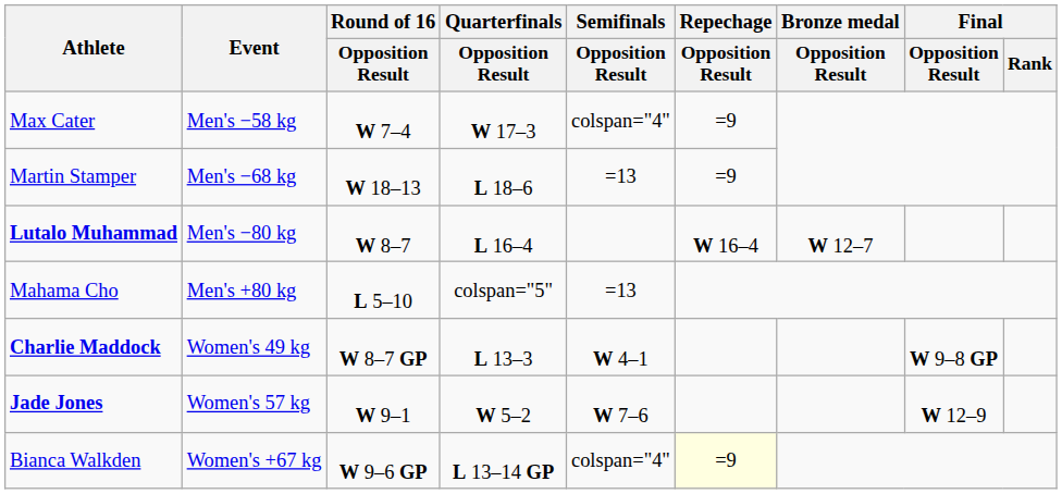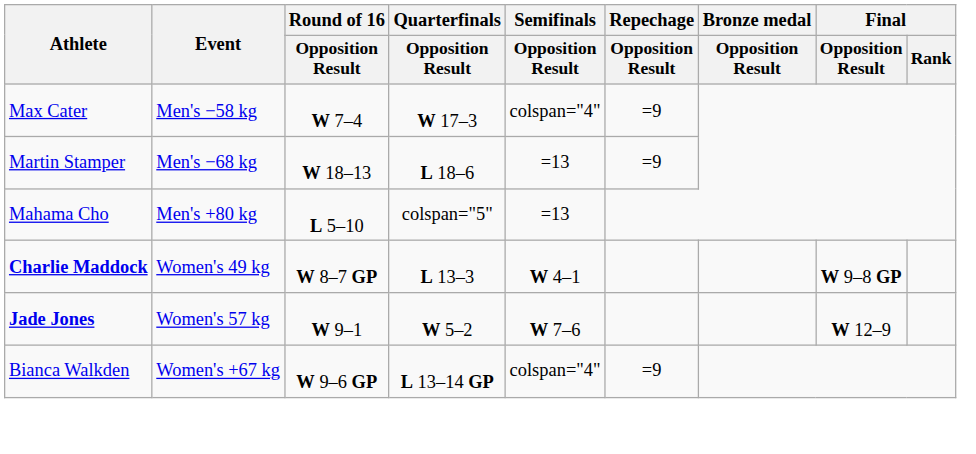 <table class="wikitable" style="font-size:90%;">
 <tr>
 <th rowspan=2>Athlete</th>
 <th rowspan=2>Event</th>
 <th>Round of 16</th>
 <th>Quarterfinals</th>
 <th>Semifinals</th>
 <th>Repechage</th>
 <th>Bronze medal</th>
 <th colspan=2>Final</th>
 </tr>
 <tr style="font-size:95%">
 <th>Opposition<br>Result</th>
 <th>Opposition<br>Result</th>
 <th>Opposition<br>Result</th>
 <th>Opposition<br>Result</th>
 <th>Opposition<br>Result</th>
 <th>Opposition<br>Result</th>
 <th>Rank</th>
 </tr>
 <tr align=center>
 <td align=left><a href='#'>Max Cater</a></td>
 <td align=left><a href='#'>Men's −58 kg</a></td>
 <td><br><strong>W</strong> 7–4</td>
 <td><br><strong>W</strong> 17–3</td>
 <td>colspan="4" </td>
 <td>=9</td>
 </tr>
 <tr align=center>
 <td align=left><a href='#'>Martin Stamper</a></td>
 <td align=left><a href='#'>Men's −68 kg</a></td>
 <td><br><strong>W</strong> 18–13</td>
 <td><br><strong>L</strong> 18–6</td>
 <td>=13</td>
 <td>=9</td>
 </tr>
 <tr align=center>
-<td align=left><strong><a href='#'>Lutalo Muhammad</a></strong></td>
-<td align=left><a href='#'>Men's −80 kg</a></td>
-<td><br><strong>W</strong> 8–7</td>
-<td><br><strong>L</strong> 16–4</td>
-<td></td>
-<td><br><strong>W</strong> 16–4</td>
-<td><br> <strong>W</strong> 12–7</td>
-<td></td>
-<td></td>
-</tr>
-<tr align=center>
 <td align=left><a href='#'>Mahama Cho</a></td>
 <td align=left><a href='#'>Men's +80 kg</a></td>
 <td><br> <strong>L</strong> 5–10</td>
 <td>colspan="5" </td>
 <td>=13</td>
 </tr>
 <tr align=center>
 <td align=left><strong><a href='#'>Charlie Maddock</a></strong></td>
 <td align=left><a href='#'>Women's 49 kg</a></td>
 <td><br><strong>W</strong> 8–7 <strong>GP</strong></td>
 <td><br><strong>L</strong> 13–3</td>
 <td><br><strong>W</strong> 4–1</td>
 <td></td>
 <td></td>
 <td><br><strong>W</strong> 9–8 <strong>GP</strong></td>
 <td></td>
 </tr>
 <tr align=center>
 <td align=left><strong><a href='#'>Jade Jones</a></strong></td>
 <td align=left><a href='#'>Women's 57 kg</a></td>
 <td><br><strong>W</strong> 9–1</td>
 <td><br><strong>W</strong> 5–2</td>
 <td><br><strong>W</strong> 7–6</td>
 <td></td>
 <td></td>
 <td><br><strong>W</strong> 12–9</td>
 <td></td>
 </tr>
 <tr align=center>
 <td align=left><a href='#'>Bianca Walkden</a></td>
 <td align=left><a href='#'>Women's +67 kg</a></td>
 <td><br> <strong>W</strong> 9–6 <strong>GP</strong></td>
 <td><br> <strong>L</strong> 13–14 <strong>GP</strong></td>
 <td>colspan="4" </td>
-<td style="background: lightyellow;">=9</td>
+<td>=9</td>
 </tr>
 </table>
